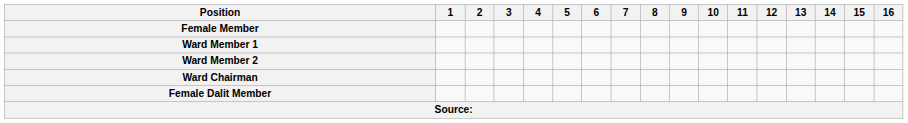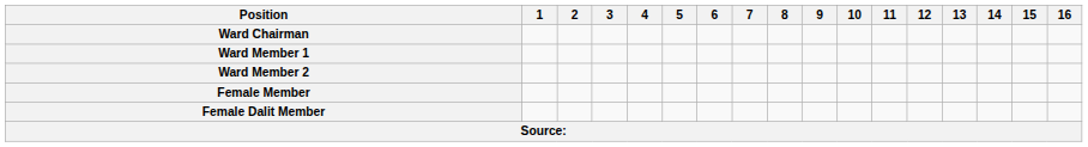 <table class="wikitable">
 <tr>
 <th style="width:500pt;">Position</th>
 <th width="3.25%">1</th>
 <th width="3.25%">2</th>
 <th width="3.25%">3</th>
 <th width="3.25%">4</th>
 <th width="3.25%">5</th>
 <th width="3.25%">6</th>
 <th width="3.25%">7</th>
 <th width="3.25%">8</th>
 <th width="3.25%">9</th>
 <th width="3.25%">10</th>
 <th width="3.25%">11</th>
 <th width="3.25%">12</th>
 <th width="3.25%">13</th>
 <th width="3.25%">14</th>
 <th width="3.25%">15</th>
 <th width="3.25%">16</th>
 </tr>
 <tr>
-<th>Female Member</th>
+<th>Ward Chairman</th>
 <td style="background-color:"></td>
 <td style="background-color:"></td>
 <td style="background-color:"></td>
 <td style="background-color:"></td>
 <td style="background-color:"></td>
 <td style="background-color:"></td>
 <td style="background-color:"></td>
 <td style="background-color:"></td>
 <td style="background-color:"></td>
 <td style="background-color:"></td>
 <td style="background-color:"></td>
 <td style="background-color:"></td>
 <td style="background-color:"></td>
 <td style="background-color:"></td>
 <td style="background-color:"></td>
 <td style="background-color:"></td>
 </tr>
 <tr>
 <th>Ward Member 1</th>
 <td style="background-color:"></td>
 <td style="background-color:"></td>
 <td style="background-color:"></td>
 <td style="background-color:"></td>
 <td style="background-color:"></td>
 <td style="background-color:"></td>
 <td style="background-color:"></td>
 <td style="background-color:"></td>
 <td style="background-color:"></td>
 <td style="background-color:"></td>
 <td style="background-color:"></td>
 <td style="background-color:"></td>
 <td style="background-color:"></td>
 <td style="background-color:"></td>
 <td style="background-color:"></td>
 <td style="background-color:"></td>
 </tr>
 <tr>
 <th>Ward Member 2</th>
 <td style="background-color:"></td>
 <td style="background-color:"></td>
 <td style="background-color:"></td>
 <td style="background-color:"></td>
 <td style="background-color:"></td>
 <td style="background-color:"></td>
 <td style="background-color:"></td>
 <td style="background-color:"></td>
 <td style="background-color:"></td>
 <td style="background-color:"></td>
 <td style="background-color:"></td>
 <td style="background-color:"></td>
 <td style="background-color:"></td>
 <td style="background-color:"></td>
 <td style="background-color:"></td>
 <td style="background-color:"></td>
 </tr>
 <tr>
-<th>Ward Chairman</th>
+<th>Female Member</th>
 <td style="background-color:"></td>
 <td style="background-color:"></td>
 <td style="background-color:"></td>
 <td style="background-color:"></td>
 <td style="background-color:"></td>
 <td style="background-color:"></td>
 <td style="background-color:"></td>
 <td style="background-color:"></td>
 <td style="background-color:"></td>
 <td style="background-color:"></td>
 <td style="background-color:"></td>
 <td style="background-color:"></td>
 <td style="background-color:"></td>
 <td style="background-color:"></td>
 <td style="background-color:"></td>
 <td style="background-color:"></td>
 </tr>
 <tr>
 <th>Female Dalit Member</th>
 <td style="background-color:"></td>
 <td style="background-color:"></td>
 <td style="background-color:"></td>
 <td style="background-color:"></td>
 <td style="background-color:"></td>
 <td style="background-color:"></td>
 <td style="background-color:"></td>
 <td style="background-color:"></td>
 <td style="background-color:"></td>
 <td style="background-color:"></td>
 <td style="background-color:"></td>
 <td style="background-color:"></td>
 <td style="background-color:"></td>
 <td style="background-color:"></td>
 <td style="background-color:"></td>
 <td style="background-color:"></td>
 </tr>
 <tr>
 <th colspan="17">Source: </th>
 </tr>
 </table>
